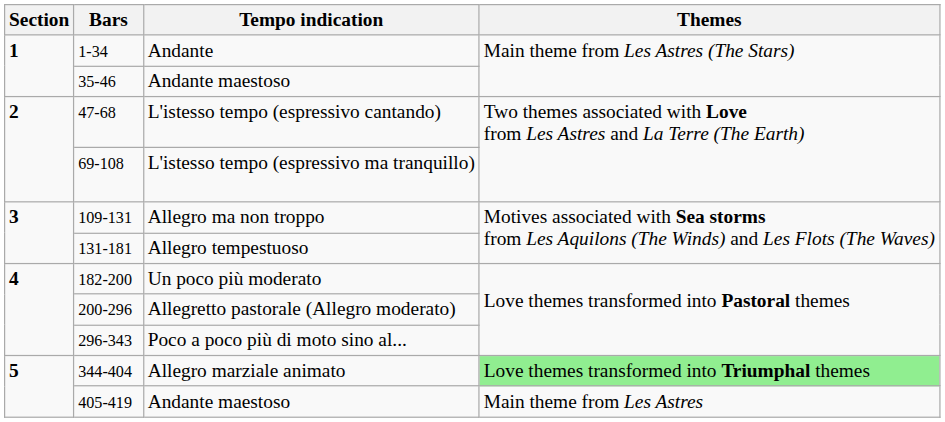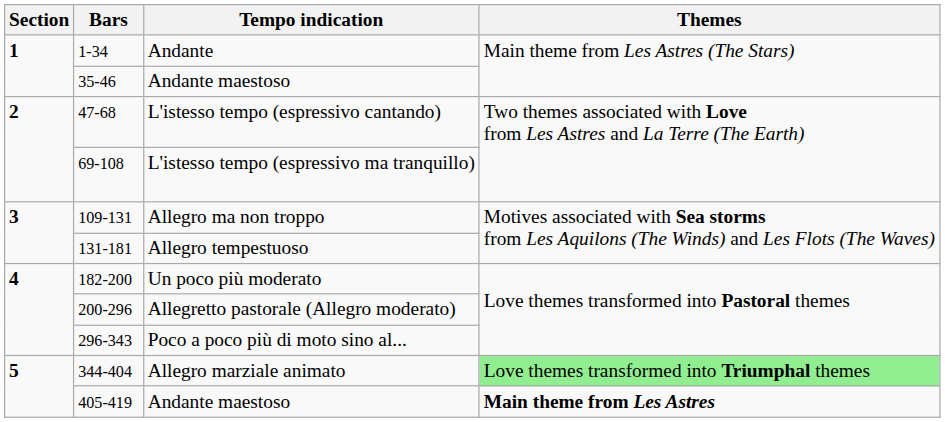 <table class="wikitable">
 <tr>
 <th>Section</th>
 <th style="width: 50px">Bars</th>
 <th>Tempo indication</th>
 <th>Themes</th>
 </tr>
 <tr valign="top">
 <td rowspan="2"><strong>1</strong></td>
 <td><small>1-34</small></td>
 <td>Andante</td>
 <td rowspan="2">Main theme from <em>Les Astres (The Stars)</em></td>
 </tr>
 <tr>
 <td><small>35-46</small></td>
 <td>Andante maestoso</td>
 </tr>
 <tr style="height:42px", valign="top">
 <td rowspan="2"><strong>2</strong></td>
 <td><small>47-68</small></td>
 <td>L'istesso tempo (espressivo cantando)</td>
 <td rowspan="2">Two themes associated with <strong>Love</strong><br>from <em>Les Astres</em> and <em>La Terre (The Earth)</em></td>
 </tr>
 <tr style="height:45px", valign="top">
 <td><small>69-108</small></td>
 <td>L'istesso tempo (espressivo ma tranquillo)</td>
 </tr>
 <tr valign="top">
 <td rowspan="2"><strong>3</strong></td>
 <td><small>109-131</small></td>
 <td>Allegro ma non troppo</td>
 <td rowspan="2">Motives associated with <strong>Sea storms</strong> <br>from <em>Les Aquilons (The Winds)</em> and <em>Les Flots (The Waves)</em></td>
 </tr>
 <tr valign="top">
 <td><small>131-181</small></td>
 <td>Allegro tempestuoso</td>
 </tr>
 <tr valign="top">
 <td rowspan="3"><strong>4</strong></td>
 <td><small>182-200</small></td>
 <td>Un poco più moderato</td>
 <td rowspan="3"><br>Love themes transformed into <strong>Pastoral</strong> themes</td>
 </tr>
 <tr valign="top">
 <td><small>200-296</small></td>
 <td>Allegretto pastorale (Allegro moderato)</td>
 </tr>
 <tr valign="top">
 <td><small>296-343</small></td>
 <td>Poco a poco più di moto sino al...</td>
 </tr>
 <tr valign="top">
 <td rowspan="2"><strong>5</strong></td>
 <td><small>344-404</small></td>
 <td>Allegro marziale animato</td>
 <td style="background: lightgreen;">Love themes transformed into <strong>Triumphal</strong> themes</td>
 </tr>
 <tr valign="top">
 <td><small>405-419</small></td>
 <td>Andante maestoso</td>
-<td>Main theme from <em>Les Astres</em></td>
+<td><strong>Main theme from <em>Les Astres</em></strong></td>
 </tr>
 </table>
